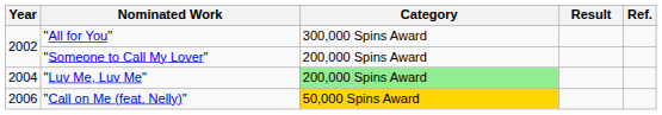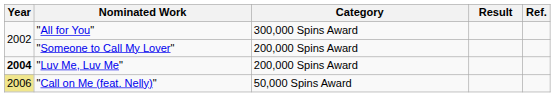 <table class="wikitable" width="50%">
 <tr>
 <th width="5%">Year</th>
 <th width="40%">Nominated Work</th>
 <th width="40%">Category</th>
 <th width="10%">Result</th>
 <th width="5%">Ref.</th>
 </tr>
 <tr>
 <td rowspan="2">2002</td>
 <td>"<a href='#'>All for You</a>"</td>
 <td>300,000 Spins Award</td>
 <td></td>
 <td></td>
 </tr>
 <tr>
 <td>"<a href='#'>Someone to Call My Lover</a>"</td>
 <td>200,000 Spins Award</td>
 <td></td>
 <td></td>
 </tr>
 <tr>
-<td>2004</td>
+<td><strong>2004</strong></td>
 <td>"<a href='#'>Luv Me, Luv Me</a>"</td>
-<td style="background: lightgreen;">200,000 Spins Award</td>
+<td>200,000 Spins Award</td>
 <td></td>
 <td></td>
 </tr>
 <tr>
-<td>2006</td>
+<td style="background: khaki;">2006</td>
 <td>"<a href='#'>Call on Me (feat. Nelly)</a>"</td>
-<td style="background: gold;">50,000 Spins Award</td>
+<td>50,000 Spins Award</td>
 <td></td>
 <td></td>
 </tr>
 </table>
